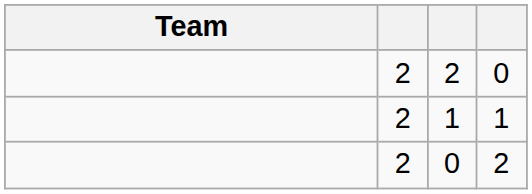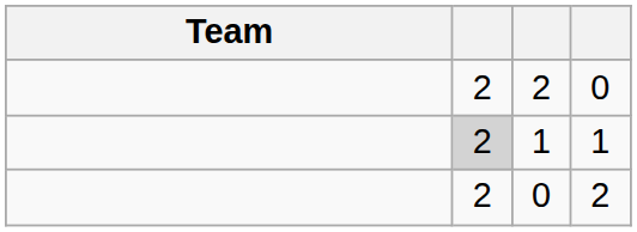 <table class=wikitable style="text-align:center">
 <tr>
 <th width=200>Team</th>
 <th width=20></th>
 <th width=20></th>
 <th width=20></th>
 </tr>
 <tr>
 <td style="text-align:left"></td>
 <td>2</td>
 <td>2</td>
 <td>0</td>
 </tr>
 <tr>
 <td style="text-align:left"></td>
-<td>2</td>
+<td style="background: lightgrey;">2</td>
 <td>1</td>
 <td>1</td>
 </tr>
 <tr>
 <td style="text-align:left"></td>
 <td>2</td>
 <td>0</td>
 <td>2</td>
 </tr>
 </table>
